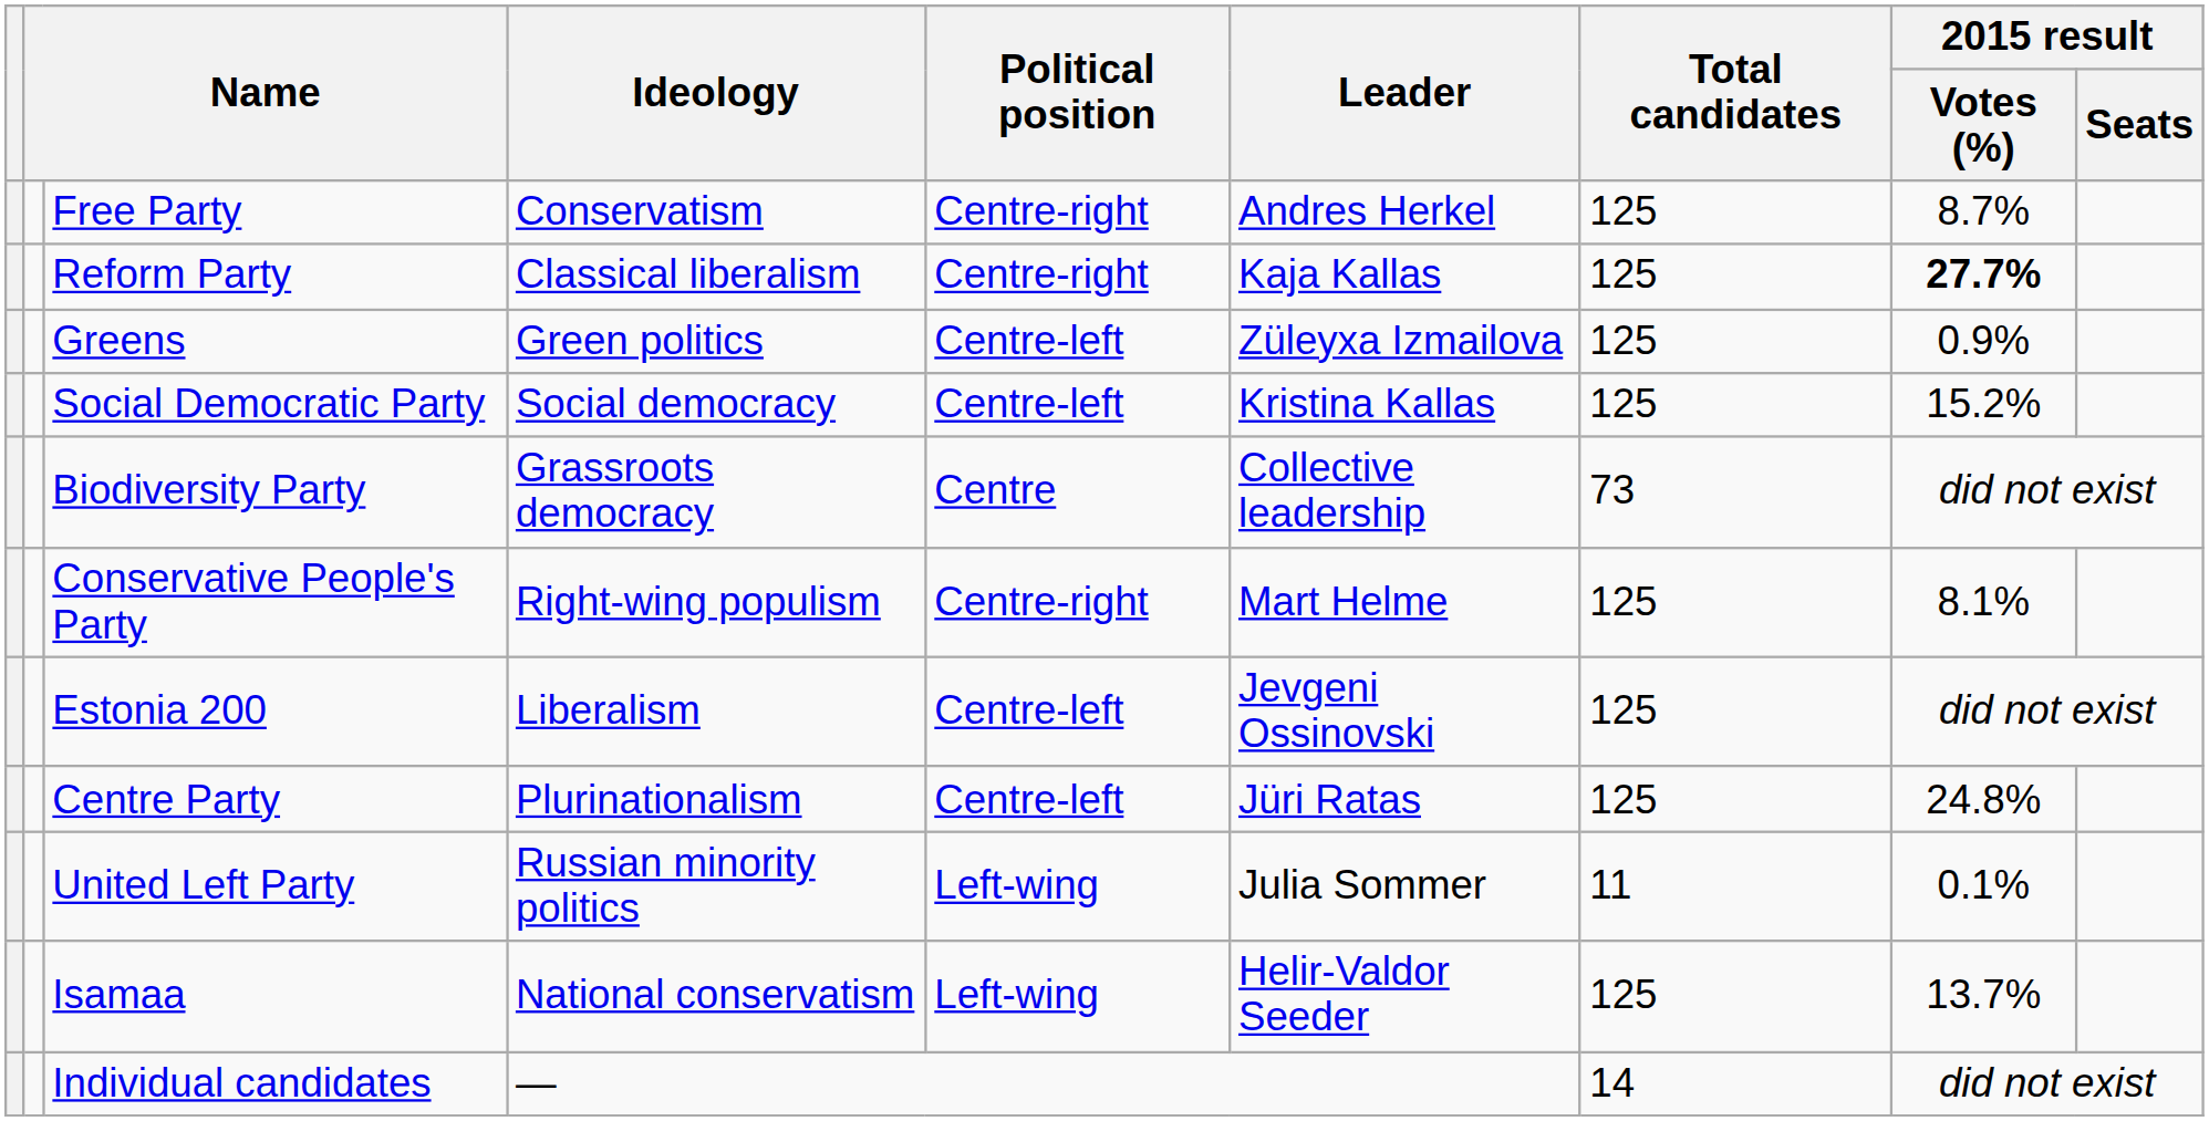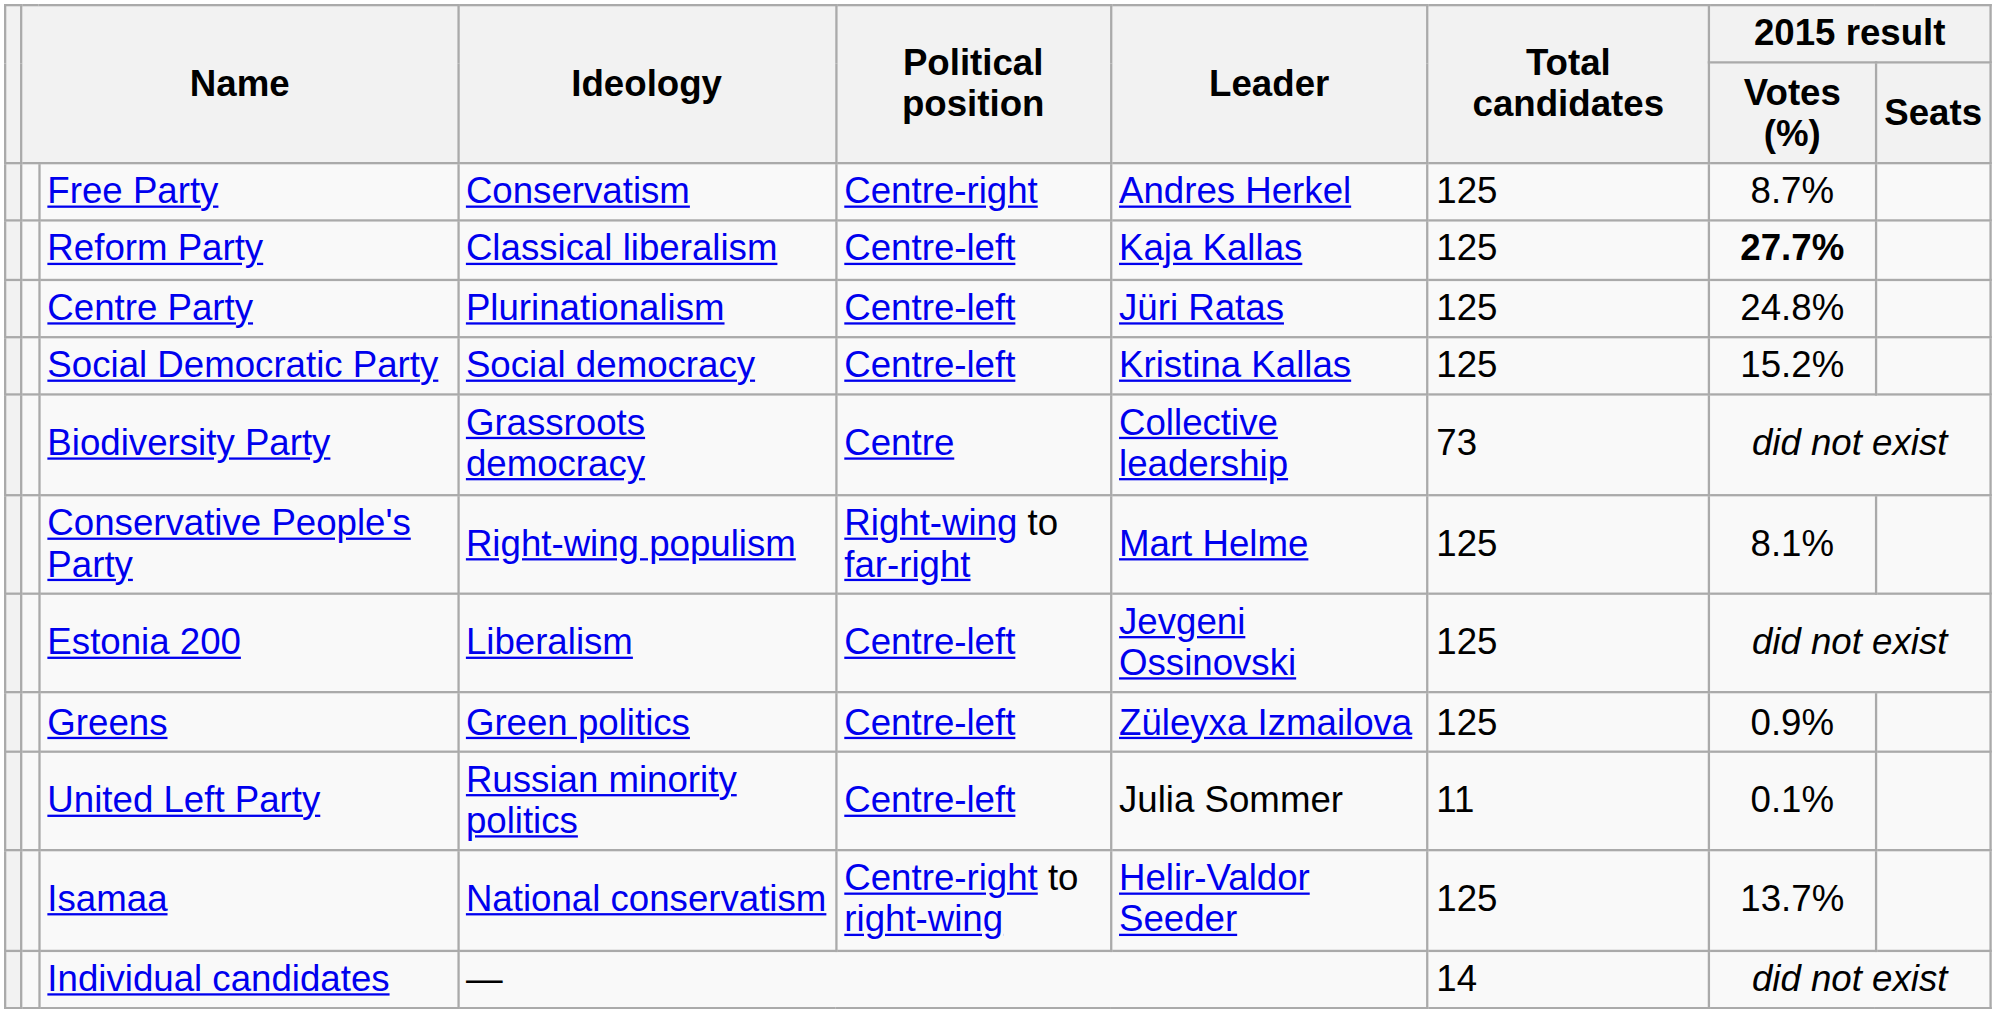 <table class="wikitable" style="text-align:left">
 <tr>
 <th rowspan="2"></th>
 <th colspan="2" rowspan="2">Name</th>
 <th rowspan="2">Ideology</th>
 <th rowspan="2">Political position</th>
 <th rowspan="2">Leader</th>
 <th rowspan="2">Total candidates</th>
 <th colspan="2">2015 result</th>
 </tr>
 <tr>
 <th>Votes (%)</th>
 <th>Seats</th>
 </tr>
 <tr>
 <th></th>
 <td style="background:"></td>
 <td><a href='#'>Free Party</a></td>
 <td><a href='#'>Conservatism</a></td>
 <td><a href='#'>Centre-right</a></td>
 <td><a href='#'>Andres Herkel</a></td>
 <td>125</td>
 <td style="text-align:center">8.7%</td>
 <td></td>
 </tr>
 <tr>
 <th></th>
 <td style="background:"></td>
 <td><a href='#'>Reform Party</a></td>
 <td><a href='#'>Classical liberalism</a></td>
-<td><a href='#'>Centre-right</a></td>
+<td><a href='#'>Centre-left</a></td>
 <td><a href='#'>Kaja Kallas</a></td>
 <td>125</td>
 <td style="text-align:center"><strong>27.7%</strong></td>
 <td></td>
 </tr>
 <tr>
 <th></th>
 <td style="background:"></td>
-<td><a href='#'>Greens</a></td>
-<td><a href='#'>Green politics</a></td>
+<td><a href='#'>Centre Party</a></td>
+<td><a href='#'>Plurinationalism</a></td>
 <td><a href='#'>Centre-left</a></td>
-<td><a href='#'>Züleyxa Izmailova</a></td>
+<td><a href='#'>Jüri Ratas</a></td>
 <td>125</td>
-<td style="text-align:center">0.9%</td>
+<td style="text-align:center">24.8%</td>
 <td></td>
 </tr>
 <tr>
 <th></th>
 <td style="background:"></td>
 <td><a href='#'>Social Democratic Party</a></td>
 <td><a href='#'>Social democracy</a></td>
 <td><a href='#'>Centre-left</a></td>
 <td><a href='#'>Kristina Kallas</a></td>
 <td>125</td>
 <td style="text-align:center">15.2%</td>
 <td></td>
 </tr>
 <tr>
 <th></th>
 <td style="background:"></td>
 <td><a href='#'>Biodiversity Party</a></td>
 <td><a href='#'>Grassroots democracy</a></td>
 <td><a href='#'>Centre</a></td>
 <td><a href='#'>Collective leadership</a></td>
 <td>73</td>
 <td colspan="2" style="text-align:center"><em>did not exist</em></td>
 </tr>
 <tr>
 <th></th>
 <td style="background:"></td>
 <td><a href='#'>Conservative People's Party</a></td>
 <td><a href='#'>Right-wing populism</a></td>
-<td><a href='#'>Centre-right</a></td>
+<td><a href='#'>Right-wing</a> to<br><a href='#'>far-right</a></td>
 <td><a href='#'>Mart Helme</a></td>
 <td>125</td>
 <td style="text-align:center">8.1%</td>
 <td></td>
 </tr>
 <tr>
 <th></th>
 <td style="background:"></td>
 <td><a href='#'>Estonia 200</a></td>
 <td><a href='#'>Liberalism</a></td>
 <td><a href='#'>Centre-left</a></td>
 <td><a href='#'>Jevgeni Ossinovski</a></td>
 <td>125</td>
 <td colspan="2" style="text-align:center"><em>did not exist</em></td>
 </tr>
 <tr>
 <th></th>
 <td style="background:"></td>
-<td><a href='#'>Centre Party</a></td>
-<td><a href='#'>Plurinationalism</a></td>
+<td><a href='#'>Greens</a></td>
+<td><a href='#'>Green politics</a></td>
 <td><a href='#'>Centre-left</a></td>
-<td><a href='#'>Jüri Ratas</a></td>
+<td><a href='#'>Züleyxa Izmailova</a></td>
 <td>125</td>
-<td style="text-align:center">24.8%</td>
+<td style="text-align:center">0.9%</td>
 <td></td>
 </tr>
 <tr>
 <th></th>
 <td style="background:"></td>
 <td><a href='#'>United Left Party</a></td>
 <td><a href='#'>Russian minority politics</a></td>
-<td><a href='#'>Left-wing</a></td>
+<td><a href='#'>Centre-left</a></td>
 <td>Julia Sommer</td>
 <td>11</td>
 <td style="text-align:center">0.1%</td>
 <td></td>
 </tr>
 <tr>
 <th></th>
 <td style="background:"></td>
 <td><a href='#'>Isamaa</a></td>
 <td><a href='#'>National conservatism</a></td>
-<td><a href='#'>Left-wing</a></td>
+<td><a href='#'>Centre-right</a> to<br><a href='#'>right-wing</a></td>
 <td><a href='#'>Helir-Valdor Seeder</a></td>
 <td>125</td>
 <td style="text-align:center">13.7%</td>
 <td></td>
 </tr>
 <tr>
 <th></th>
 <td style="background:"></td>
 <td><a href='#'>Individual candidates</a></td>
 <td colspan="3">—</td>
 <td>14</td>
 <td colspan="2" style="text-align:center"><em>did not exist</em></td>
 </tr>
 </table>
